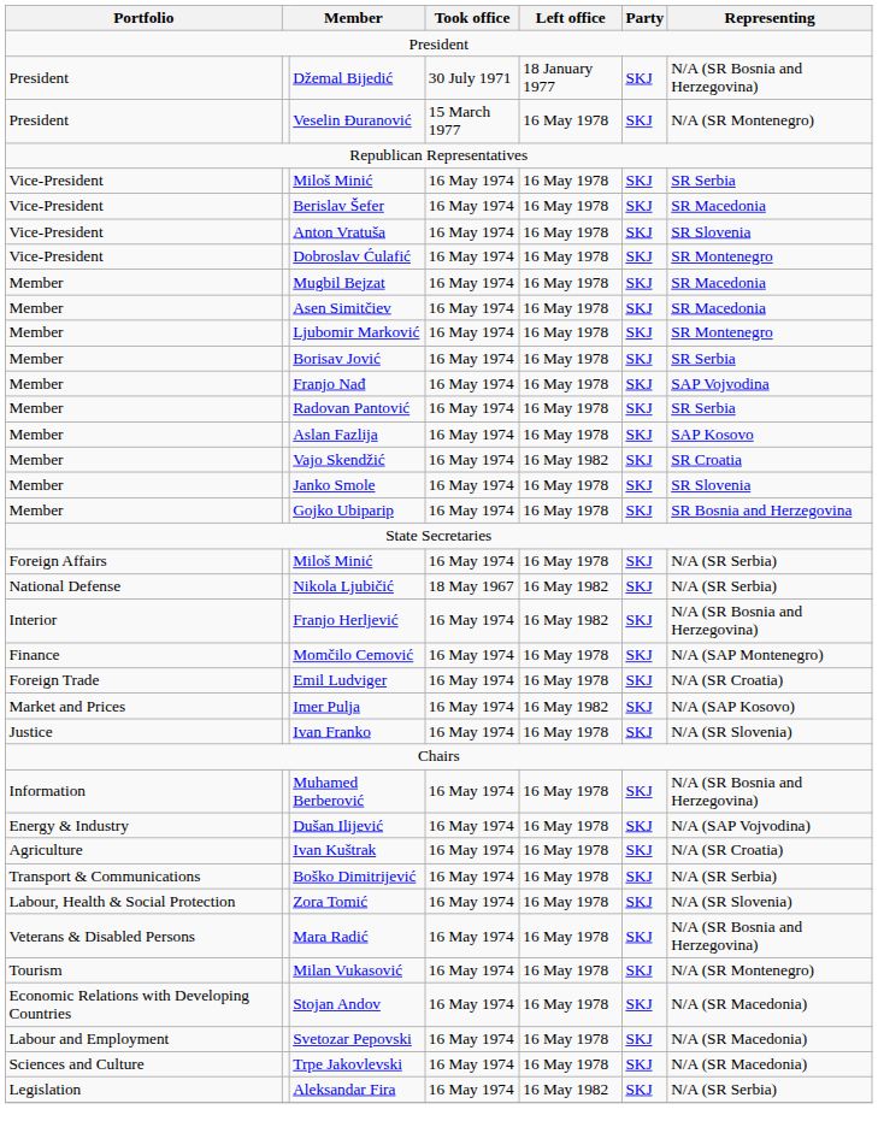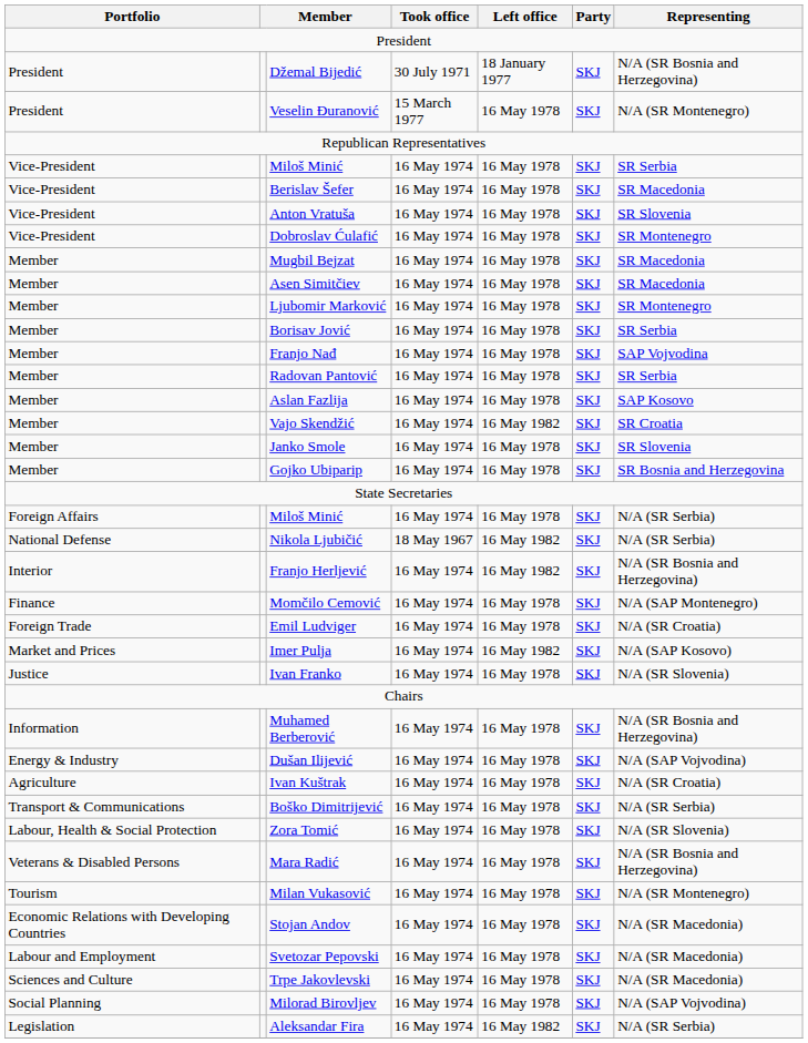 <table class="wikitable">
 <tr>
 <th style="text-align: center;">Portfolio</th>
 <th colspan="2" style="text-align: center;">Member</th>
 <th style="text-align: center;">Took office</th>
 <th style="text-align: center;">Left office</th>
 <th style="text-align: center;">Party</th>
 <th style="text-align: center;">Representing</th>
 </tr>
 <tr>
 <td colspan="7" style="text-align: center;">President</td>
 </tr>
 <tr>
 <td>President</td>
 <td style="background:"></td>
 <td><a href='#'>Džemal Bijedić</a></td>
 <td>30 July 1971</td>
 <td>18 January 1977</td>
 <td><a href='#'>SKJ</a></td>
 <td>N/A (SR Bosnia and Herzegovina)</td>
 </tr>
 <tr>
 <td>President</td>
 <td style="background:"></td>
 <td><a href='#'>Veselin Đuranović</a></td>
 <td>15 March 1977</td>
 <td>16 May 1978</td>
 <td><a href='#'>SKJ</a></td>
 <td>N/A (SR Montenegro)</td>
 </tr>
 <tr>
 <td colspan="7" style="text-align: center;">Republican Representatives</td>
 </tr>
 <tr>
 <td>Vice-President</td>
 <td style="background:"></td>
 <td><a href='#'>Miloš Minić</a></td>
 <td>16 May 1974</td>
 <td>16 May 1978</td>
 <td><a href='#'>SKJ</a></td>
 <td><a href='#'>SR Serbia</a></td>
 </tr>
 <tr>
 <td>Vice-President</td>
 <td style="background:"></td>
 <td><a href='#'>Berislav Šefer</a></td>
 <td>16 May 1974</td>
 <td>16 May 1978</td>
 <td><a href='#'>SKJ</a></td>
 <td><a href='#'>SR Macedonia</a></td>
 </tr>
 <tr>
 <td>Vice-President</td>
 <td style="background:"></td>
 <td><a href='#'>Anton Vratuša</a></td>
 <td>16 May 1974</td>
 <td>16 May 1978</td>
 <td><a href='#'>SKJ</a></td>
 <td><a href='#'>SR Slovenia</a></td>
 </tr>
 <tr>
 <td>Vice-President</td>
 <td style="background:"></td>
 <td><a href='#'>Dobroslav Ćulafić</a></td>
 <td>16 May 1974</td>
 <td>16 May 1978</td>
 <td><a href='#'>SKJ</a></td>
 <td><a href='#'>SR Montenegro</a></td>
 </tr>
 <tr>
 <td>Member</td>
 <td style="background:"></td>
 <td><a href='#'>Mugbil Bejzat</a></td>
 <td>16 May 1974</td>
 <td>16 May 1978</td>
 <td><a href='#'>SKJ</a></td>
 <td><a href='#'>SR Macedonia</a></td>
 </tr>
 <tr>
 <td>Member</td>
 <td style="background:"></td>
 <td><a href='#'>Asen Simitčiev</a></td>
 <td>16 May 1974</td>
 <td>16 May 1978</td>
 <td><a href='#'>SKJ</a></td>
 <td><a href='#'>SR Macedonia</a></td>
 </tr>
 <tr>
 <td>Member</td>
 <td style="background:"></td>
 <td><a href='#'>Ljubomir Marković</a></td>
 <td>16 May 1974</td>
 <td>16 May 1978</td>
 <td><a href='#'>SKJ</a></td>
 <td><a href='#'>SR Montenegro</a></td>
 </tr>
 <tr>
 <td>Member</td>
 <td style="background:"></td>
 <td><a href='#'>Borisav Jović</a></td>
 <td>16 May 1974</td>
 <td>16 May 1978</td>
 <td><a href='#'>SKJ</a></td>
 <td><a href='#'>SR Serbia</a></td>
 </tr>
 <tr>
 <td>Member</td>
 <td style="background:"></td>
 <td><a href='#'>Franjo Nađ</a></td>
 <td>16 May 1974</td>
 <td>16 May 1978</td>
 <td><a href='#'>SKJ</a></td>
 <td><a href='#'>SAP Vojvodina</a></td>
 </tr>
 <tr>
 <td>Member</td>
 <td style="background:"></td>
 <td><a href='#'>Radovan Pantović</a></td>
 <td>16 May 1974</td>
 <td>16 May 1978</td>
 <td><a href='#'>SKJ</a></td>
 <td><a href='#'>SR Serbia</a></td>
 </tr>
 <tr>
 <td>Member</td>
 <td style="background:"></td>
 <td><a href='#'>Aslan Fazlija</a></td>
 <td>16 May 1974</td>
 <td>16 May 1978</td>
 <td><a href='#'>SKJ</a></td>
 <td><a href='#'>SAP Kosovo</a></td>
 </tr>
 <tr>
 <td>Member</td>
 <td style="background:"></td>
 <td><a href='#'>Vajo Skendžić</a></td>
 <td>16 May 1974</td>
 <td>16 May 1982</td>
 <td><a href='#'>SKJ</a></td>
 <td><a href='#'>SR Croatia</a></td>
 </tr>
 <tr>
 <td>Member</td>
 <td style="background:"></td>
 <td><a href='#'>Janko Smole</a></td>
 <td>16 May 1974</td>
 <td>16 May 1978</td>
 <td><a href='#'>SKJ</a></td>
 <td><a href='#'>SR Slovenia</a></td>
 </tr>
 <tr>
 <td>Member</td>
 <td style="background:"></td>
 <td><a href='#'>Gojko Ubiparip</a></td>
 <td>16 May 1974</td>
 <td>16 May 1978</td>
 <td><a href='#'>SKJ</a></td>
 <td><a href='#'>SR Bosnia and Herzegovina</a></td>
 </tr>
 <tr>
 <td colspan="7" style="text-align: center;">State Secretaries</td>
 </tr>
 <tr>
 <td>Foreign Affairs</td>
 <td style="background:"></td>
 <td><a href='#'>Miloš Minić</a></td>
 <td>16 May 1974</td>
 <td>16 May 1978</td>
 <td><a href='#'>SKJ</a></td>
 <td>N/A (SR Serbia)</td>
 </tr>
 <tr>
 <td>National Defense</td>
 <td style="background:"></td>
 <td><a href='#'>Nikola Ljubičić</a></td>
 <td>18 May 1967</td>
 <td>16 May 1982</td>
 <td><a href='#'>SKJ</a></td>
 <td>N/A (SR Serbia)</td>
 </tr>
 <tr>
 <td>Interior</td>
 <td style="background:"></td>
 <td><a href='#'>Franjo Herljević</a></td>
 <td>16 May 1974</td>
 <td>16 May 1982</td>
 <td><a href='#'>SKJ</a></td>
 <td>N/A (SR Bosnia and Herzegovina)</td>
 </tr>
 <tr>
 <td>Finance</td>
 <td style="background:"></td>
 <td><a href='#'>Momčilo Cemović</a></td>
 <td>16 May 1974</td>
 <td>16 May 1978</td>
 <td><a href='#'>SKJ</a></td>
 <td>N/A (SAP Montenegro)</td>
 </tr>
 <tr>
 <td>Foreign Trade</td>
 <td style="background:"></td>
 <td><a href='#'>Emil Ludviger</a></td>
 <td>16 May 1974</td>
 <td>16 May 1978</td>
 <td><a href='#'>SKJ</a></td>
 <td>N/A (SR Croatia)</td>
 </tr>
 <tr>
 <td>Market and Prices</td>
 <td style="background:"></td>
 <td><a href='#'>Imer Pulja</a></td>
 <td>16 May 1974</td>
 <td>16 May 1982</td>
 <td><a href='#'>SKJ</a></td>
 <td>N/A (SAP Kosovo)</td>
 </tr>
 <tr>
 <td>Justice</td>
 <td style="background:"></td>
 <td><a href='#'>Ivan Franko</a></td>
 <td>16 May 1974</td>
 <td>16 May 1978</td>
 <td><a href='#'>SKJ</a></td>
 <td>N/A (SR Slovenia)</td>
 </tr>
 <tr>
 <td colspan="7" style="text-align: center;">Chairs</td>
 </tr>
 <tr>
 <td>Information</td>
 <td style="background:"></td>
 <td><a href='#'>Muhamed Berberović</a></td>
 <td>16 May 1974</td>
 <td>16 May 1978</td>
 <td><a href='#'>SKJ</a></td>
 <td>N/A (SR Bosnia and Herzegovina)</td>
 </tr>
 <tr>
 <td>Energy & Industry</td>
 <td style="background:"></td>
 <td><a href='#'>Dušan Ilijević</a></td>
 <td>16 May 1974</td>
 <td>16 May 1978</td>
 <td><a href='#'>SKJ</a></td>
 <td>N/A (SAP Vojvodina)</td>
 </tr>
 <tr>
 <td>Agriculture</td>
 <td style="background:"></td>
 <td><a href='#'>Ivan Kuštrak</a></td>
 <td>16 May 1974</td>
 <td>16 May 1978</td>
 <td><a href='#'>SKJ</a></td>
 <td>N/A (SR Croatia)</td>
 </tr>
 <tr>
 <td>Transport & Communications</td>
 <td style="background:"></td>
 <td><a href='#'>Boško Dimitrijević</a></td>
 <td>16 May 1974</td>
 <td>16 May 1978</td>
 <td><a href='#'>SKJ</a></td>
 <td>N/A (SR Serbia)</td>
 </tr>
 <tr>
 <td>Labour, Health & Social Protection</td>
 <td style="background:"></td>
 <td><a href='#'>Zora Tomić</a></td>
 <td>16 May 1974</td>
 <td>16 May 1978</td>
 <td><a href='#'>SKJ</a></td>
 <td>N/A (SR Slovenia)</td>
 </tr>
 <tr>
 <td>Veterans & Disabled Persons</td>
 <td style="background:"></td>
 <td><a href='#'>Mara Radić</a></td>
 <td>16 May 1974</td>
 <td>16 May 1978</td>
 <td><a href='#'>SKJ</a></td>
 <td>N/A (SR Bosnia and Herzegovina)</td>
 </tr>
 <tr>
 <td>Tourism</td>
 <td style="background:"></td>
 <td><a href='#'>Milan Vukasović</a></td>
 <td>16 May 1974</td>
 <td>16 May 1978</td>
 <td><a href='#'>SKJ</a></td>
 <td>N/A (SR Montenegro)</td>
 </tr>
 <tr>
 <td>Economic Relations with Developing Countries</td>
 <td style="background:"></td>
 <td><a href='#'>Stojan Andov</a></td>
 <td>16 May 1974</td>
 <td>16 May 1978</td>
 <td><a href='#'>SKJ</a></td>
 <td>N/A (SR Macedonia)</td>
 </tr>
 <tr>
 <td>Labour and Employment</td>
 <td style="background:"></td>
 <td><a href='#'>Svetozar Pepovski</a></td>
 <td>16 May 1974</td>
 <td>16 May 1978</td>
 <td><a href='#'>SKJ</a></td>
 <td>N/A (SR Macedonia)</td>
 </tr>
 <tr>
 <td>Sciences and Culture</td>
 <td style="background:"></td>
 <td><a href='#'>Trpe Jakovlevski</a></td>
 <td>16 May 1974</td>
 <td>16 May 1978</td>
 <td><a href='#'>SKJ</a></td>
 <td>N/A (SR Macedonia)</td>
 </tr>
 <tr>
+<td>Social Planning</td>
+<td style="background:"></td>
+<td><a href='#'>Milorad Birovljev</a></td>
+<td>16 May 1974</td>
+<td>16 May 1978</td>
+<td><a href='#'>SKJ</a></td>
+<td>N/A (SAP Vojvodina)</td>
+</tr>
+<tr>
 <td>Legislation</td>
 <td style="background:"></td>
 <td><a href='#'>Aleksandar Fira</a></td>
 <td>16 May 1974</td>
 <td>16 May 1982</td>
 <td><a href='#'>SKJ</a></td>
 <td>N/A (SR Serbia)</td>
 </tr>
 <tr>
 </tr>
 </table>
